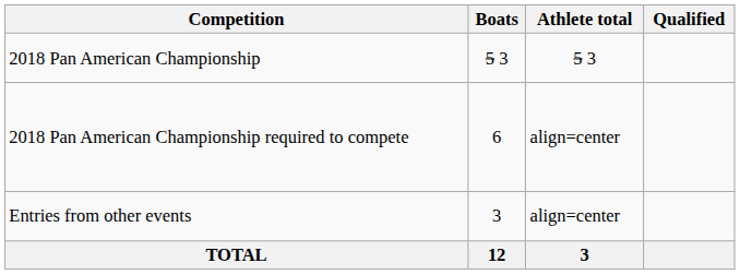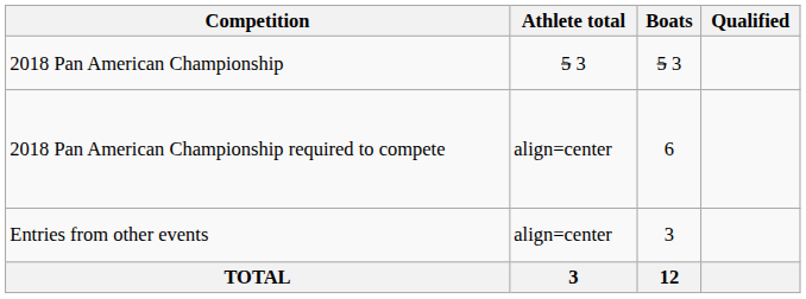 <table class="wikitable" width=650>
 <tr>
 <th>Competition</th>
+<th>Athlete total</th>
 <th>Boats</th>
-<th>Athlete total</th>
 <th>Qualified</th>
 </tr>
 <tr>
 <td>2018 Pan American Championship</td>
 <td align=center><s>5</s> 3</td>
 <td align=center><s>5</s> 3</td>
 <td><br><br></td>
 </tr>
 <tr>
 <td>2018 Pan American Championship required to compete</td>
+<td>align=center </td>
 <td align=center>6</td>
-<td>align=center </td>
 <td><br><br><br><br><br></td>
 </tr>
 <tr>
 <td>Entries from other events</td>
+<td>align=center </td>
 <td align=center>3</td>
-<td>align=center </td>
 <td><br><br></td>
 </tr>
 <tr>
 <th>TOTAL</th>
+<th>3</th>
 <th>12</th>
-<th>3</th>
 <th></th>
 </tr>
 </table>
